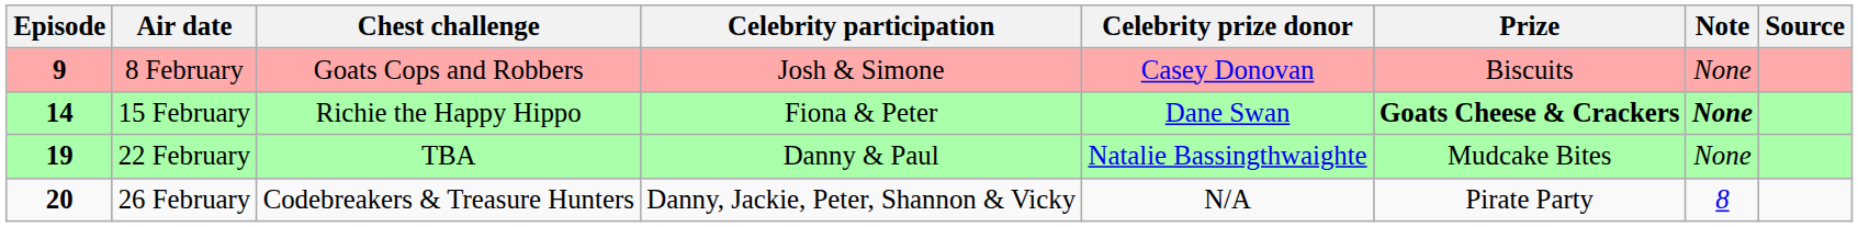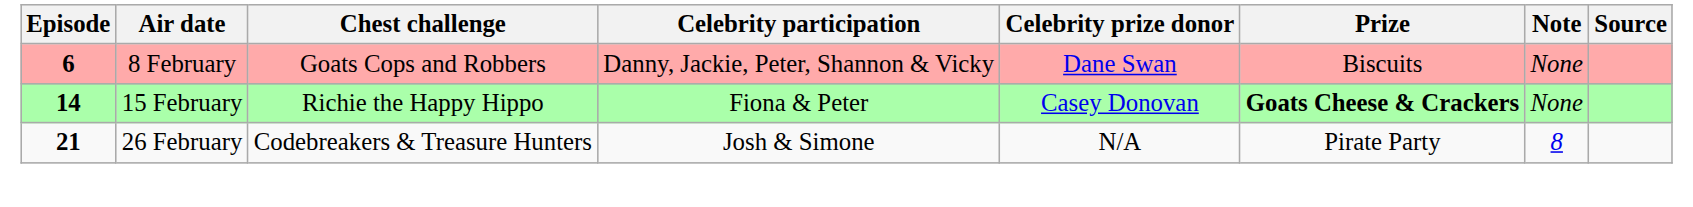 <table class="wikitable" style="margin:auto; text-align:center;">
 <tr>
 <th>Episode</th>
 <th>Air date</th>
 <th>Chest challenge</th>
 <th>Celebrity participation</th>
 <th>Celebrity prize donor</th>
 <th>Prize</th>
 <th>Note</th>
 <th>Source</th>
 </tr>
 <tr style="background:#ffaaaa">
-<td><strong>9</strong></td>
+<td><strong>6</strong></td>
 <td>8 February</td>
 <td>Goats Cops and Robbers</td>
-<td>Josh & Simone</td>
-<td><a href='#'>Casey Donovan</a></td>
+<td>Danny, Jackie, Peter, Shannon & Vicky</td>
+<td><a href='#'>Dane Swan</a></td>
 <td>Biscuits</td>
 <td><em>None</em></td>
 <td></td>
 </tr>
 <tr style="background:#aaffaa">
 <td><strong>14</strong></td>
 <td>15 February</td>
 <td>Richie the Happy Hippo</td>
 <td>Fiona & Peter</td>
-<td><a href='#'>Dane Swan</a></td>
+<td><a href='#'>Casey Donovan</a></td>
 <td><strong>Goats Cheese & Crackers</strong></td>
-<td><strong><em>None</em></strong></td>
-<td></td>
-</tr>
-<tr style="background:#aaffaa">
-<td><strong>19</strong></td>
-<td>22 February</td>
-<td>TBA</td>
-<td>Danny & Paul</td>
-<td><a href='#'>Natalie Bassingthwaighte</a></td>
-<td>Mudcake Bites</td>
 <td><em>None</em></td>
 <td></td>
 </tr>
 <tr style="background:">
-<td><strong>20</strong></td>
+<td><strong>21</strong></td>
 <td>26 February</td>
 <td>Codebreakers & Treasure Hunters</td>
-<td>Danny, Jackie, Peter, Shannon & Vicky</td>
+<td>Josh & Simone</td>
 <td>N/A</td>
 <td>Pirate Party</td>
 <td><em><a href='#'>8</a></em></td>
 <td></td>
 </tr>
 </table>
